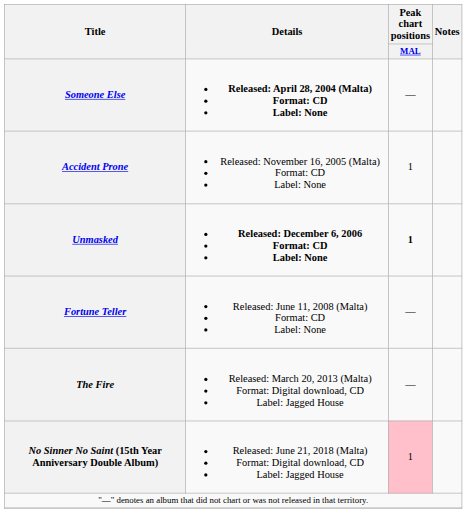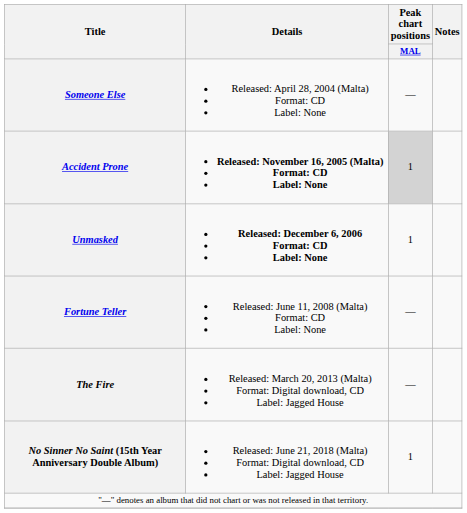 <table class="wikitable plainrowheaders" style="text-align:center;">
 <tr>
 <th scope="col" rowspan="2" style="width:17em;">Title</th>
 <th scope="col" rowspan="2" style="width:19em;">Details</th>
 <th scope="col" colspan="1">Peak chart positions</th>
 <th scope="col" rowspan="2">Notes</th>
 </tr>
 <tr>
 <th scope="col" style="width:3em;font-size:85%;"><a href='#'>MAL</a></th>
 </tr>
 <tr>
 <th scope="row"><em><a href='#'>Someone Else</a></em></th>
-<td><strong><br><ul><li>Released: April 28, 2004 (Malta)</li><li>Format: CD</li><li>Label: None</li></ul></strong></td>
+<td><br><ul><li>Released: April 28, 2004 (Malta)</li><li>Format: CD</li><li>Label: None</li></ul></td>
 <td>—</td>
 <td><br></td>
 </tr>
 <tr>
 <th scope="row"><em><a href='#'>Accident Prone</a></em></th>
-<td><br><ul><li>Released: November 16, 2005 (Malta)</li><li>Format: CD</li><li>Label: None</li></ul></td>
-<td>1</td>
+<td><strong><br><ul><li>Released: November 16, 2005 (Malta)</li><li>Format: CD</li><li>Label: None</li></ul></strong></td>
+<td style="background: lightgrey;">1</td>
 <td></td>
 </tr>
 <tr>
 <th scope="row"><em><a href='#'>Unmasked</a></em></th>
 <td><strong><br><ul><li>Released: December 6, 2006</li><li>Format: CD</li><li>Label: None</li></ul></strong></td>
-<td><strong>1</strong></td>
+<td>1</td>
 <td></td>
 </tr>
 <tr>
 <th scope="row"><em><a href='#'>Fortune Teller</a></em></th>
 <td><br><ul><li>Released: June 11, 2008 (Malta)</li><li>Format: CD</li><li>Label: None</li></ul></td>
 <td>—</td>
 <td></td>
 </tr>
 <tr>
 <th scope="row"><em>The Fire</em></th>
 <td><br><ul><li>Released: March 20, 2013 (Malta)</li><li>Format: Digital download, CD</li><li>Label: Jagged House</li></ul></td>
 <td>—</td>
 <td><br></td>
 </tr>
 <tr>
 <th scope="row"><em>No Sinner No Saint</em> (15th Year Anniversary Double Album)</th>
 <td><br><ul><li>Released: June 21, 2018 (Malta)</li><li>Format: Digital download, CD</li><li>Label: Jagged House</li></ul></td>
-<td style="background: pink;">1</td>
+<td>1</td>
 <td><br></td>
 </tr>
 <tr>
 <td colspan="20" style="text-align:center; font-size:85%;">"—" denotes an album that did not chart or was not released in that territory.</td>
 </tr>
 <tr>
 </tr>
 </table>
